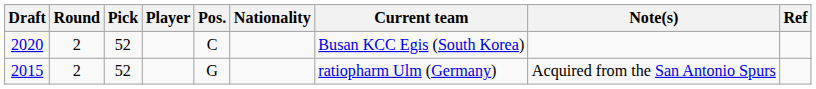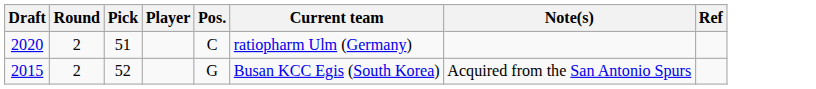 <table class="wikitable sortable" style="text-align:left; font-size:90%;">
 <tr>
 <th>Draft</th>
 <th>Round</th>
 <th>Pick</th>
 <th>Player</th>
 <th>Pos.</th>
-<th>Nationality</th>
 <th>Current team</th>
 <th>Note(s)</th>
 <th class="unsortable">Ref</th>
 </tr>
 <tr>
 <td style="text-align:center;"><a href='#'>2020</a></td>
 <td style="text-align:center;">2</td>
-<td style="text-align:center;">52</td>
+<td style="text-align:center;">51</td>
 <td></td>
 <td style="text-align:center;">C</td>
-<td></td>
-<td><a href='#'>Busan KCC Egis</a> (<a href='#'>South Korea</a>)</td>
+<td><a href='#'>ratiopharm Ulm</a> (<a href='#'>Germany</a>)</td>
 <td></td>
 <td style="text-align:center;"></td>
 </tr>
 <tr>
 <td style="text-align:center;"><a href='#'>2015</a></td>
 <td style="text-align:center;">2</td>
 <td style="text-align:center;">52</td>
 <td></td>
 <td style="text-align:center;">G</td>
-<td></td>
-<td><a href='#'>ratiopharm Ulm</a> (<a href='#'>Germany</a>)</td>
+<td><a href='#'>Busan KCC Egis</a> (<a href='#'>South Korea</a>)</td>
 <td>Acquired from the <a href='#'>San Antonio Spurs</a></td>
 <td style="text-align:center;"></td>
 </tr>
 </table>
